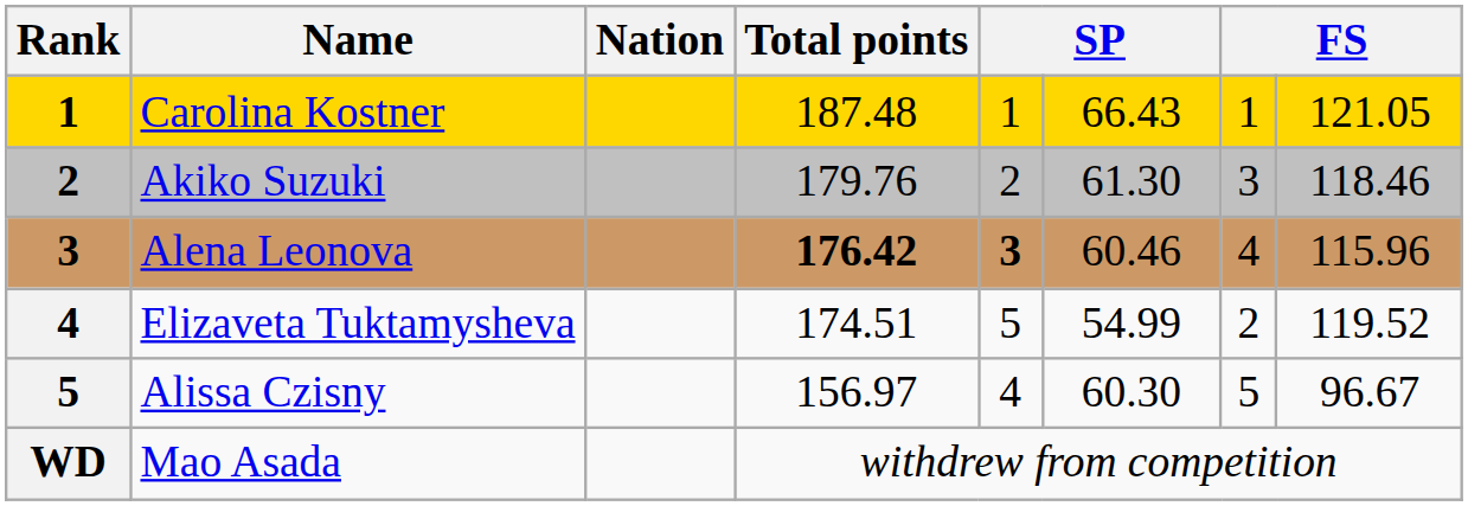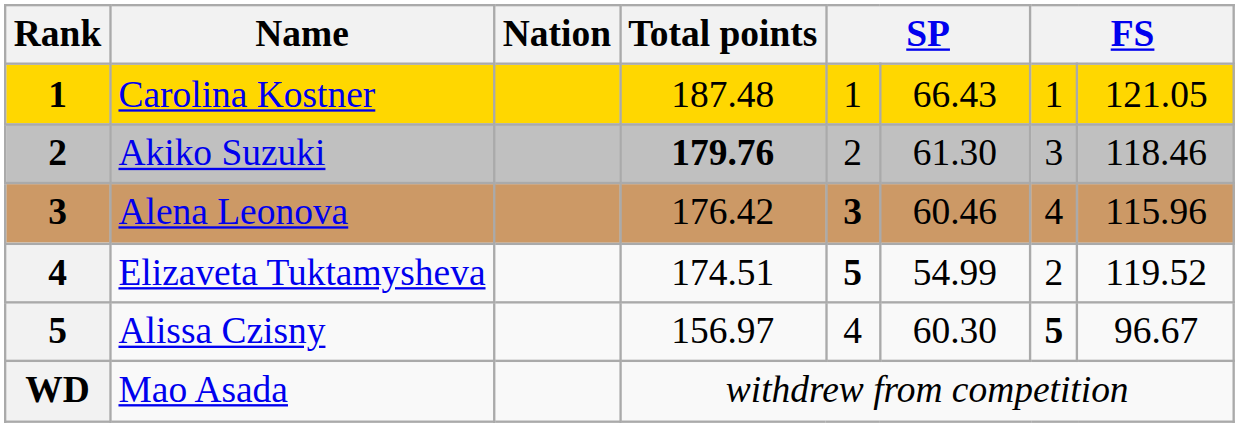 <table class="wikitable sortable">
 <tr>
 <th>Rank</th>
 <th>Name</th>
 <th>Nation</th>
 <th>Total points</th>
 <th colspan="2" width="80px"><a href='#'>SP</a></th>
 <th colspan="2" width="80px"><a href='#'>FS</a></th>
 </tr>
 <tr bgcolor="gold">
 <td align="center"><strong>1</strong></td>
 <td><a href='#'>Carolina Kostner</a></td>
 <td></td>
 <td align="center">187.48</td>
 <td align="center">1</td>
 <td align="center">66.43</td>
 <td align="center">1</td>
 <td align="center">121.05</td>
 </tr>
 <tr bgcolor="silver">
 <td align="center"><strong>2</strong></td>
 <td><a href='#'>Akiko Suzuki</a></td>
 <td></td>
-<td align="center">179.76</td>
+<td align="center"><strong>179.76</strong></td>
 <td align="center">2</td>
 <td align="center">61.30</td>
 <td align="center">3</td>
 <td align="center">118.46</td>
 </tr>
 <tr bgcolor="cc9966">
 <td align="center"><strong>3</strong></td>
 <td><a href='#'>Alena Leonova</a></td>
 <td></td>
-<td align="center"><strong>176.42</strong></td>
+<td align="center">176.42</td>
 <td align="center"><strong>3</strong></td>
 <td align="center">60.46</td>
 <td align="center">4</td>
 <td align="center">115.96</td>
 </tr>
 <tr>
 <th>4</th>
 <td><a href='#'>Elizaveta Tuktamysheva</a></td>
 <td></td>
 <td align="center">174.51</td>
-<td align="center">5</td>
+<td align="center"><strong>5</strong></td>
 <td align="center">54.99</td>
 <td align="center">2</td>
 <td align="center">119.52</td>
 </tr>
 <tr>
 <th>5</th>
 <td><a href='#'>Alissa Czisny</a></td>
 <td></td>
 <td align="center">156.97</td>
 <td align="center">4</td>
 <td align="center">60.30</td>
-<td align="center">5</td>
+<td align="center"><strong>5</strong></td>
 <td align="center">96.67</td>
 </tr>
 <tr>
 <th>WD</th>
 <td><a href='#'>Mao Asada</a></td>
 <td></td>
 <td colspan="5" align="center"><em>withdrew from competition</em></td>
 </tr>
 </table>
